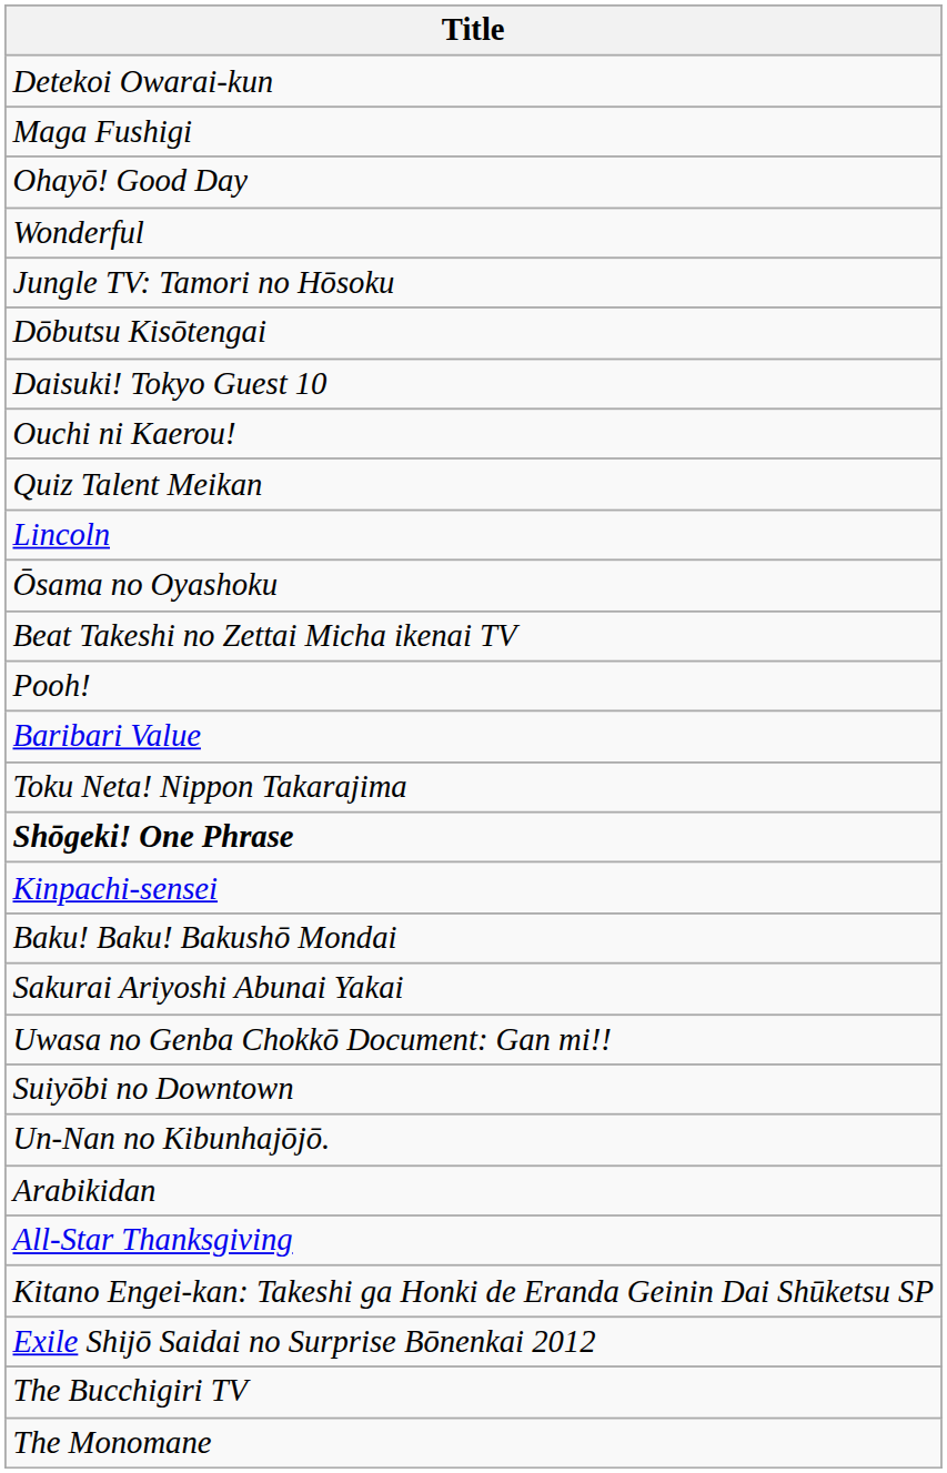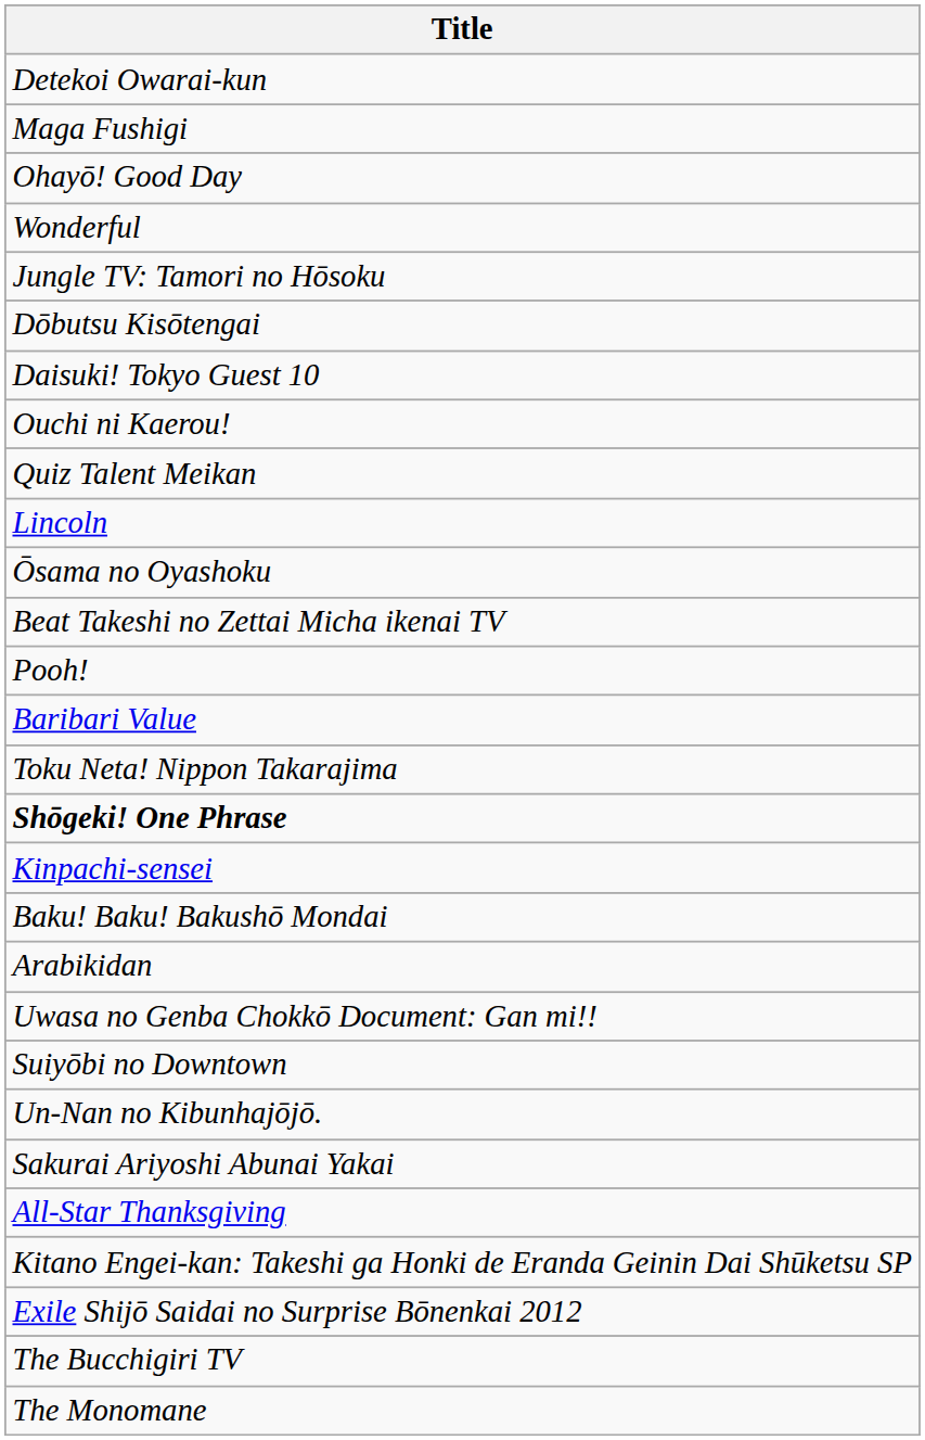 <table class="wikitable">
 <tr>
 <th>Title</th>
 </tr>
 <tr>
 <td><em>Detekoi Owarai-kun</em></td>
 </tr>
 <tr>
 <td><em>Maga Fushigi</em></td>
 </tr>
 <tr>
 <td><em>Ohayō! Good Day</em></td>
 </tr>
 <tr>
 <td><em>Wonderful</em></td>
 </tr>
 <tr>
 <td><em>Jungle TV: Tamori no Hōsoku</em></td>
 </tr>
 <tr>
 <td><em>Dōbutsu Kisōtengai</em></td>
 </tr>
 <tr>
 <td><em>Daisuki! Tokyo Guest 10</em></td>
 </tr>
 <tr>
 <td><em>Ouchi ni Kaerou!</em></td>
 </tr>
 <tr>
 <td><em>Quiz Talent Meikan</em></td>
 </tr>
 <tr>
 <td><em><a href='#'>Lincoln</a></em></td>
 </tr>
 <tr>
 <td><em>Ōsama no Oyashoku</em></td>
 </tr>
 <tr>
 <td><em>Beat Takeshi no Zettai Micha ikenai TV</em></td>
 </tr>
 <tr>
 <td><em>Pooh!</em></td>
 </tr>
 <tr>
 <td><em><a href='#'>Baribari Value</a></em></td>
 </tr>
 <tr>
 <td><em>Toku Neta! Nippon Takarajima</em></td>
 </tr>
 <tr>
 <td><strong><em>Shōgeki! One Phrase</em></strong></td>
 </tr>
 <tr>
 <td><em><a href='#'>Kinpachi-sensei</a></em></td>
 </tr>
 <tr>
 <td><em>Baku! Baku! Bakushō Mondai</em></td>
 </tr>
 <tr>
-<td><em>Sakurai Ariyoshi Abunai Yakai</em></td>
+<td><em>Arabikidan</em></td>
 </tr>
 <tr>
 <td><em>Uwasa no Genba Chokkō Document: Gan mi!!</em></td>
 </tr>
 <tr>
 <td><em>Suiyōbi no Downtown</em></td>
 </tr>
 <tr>
 <td><em>Un-Nan no Kibunhajōjō.</em></td>
 </tr>
 <tr>
-<td><em>Arabikidan</em></td>
+<td><em>Sakurai Ariyoshi Abunai Yakai</em></td>
 </tr>
 <tr>
 <td><em><a href='#'>All-Star Thanksgiving</a></em></td>
 </tr>
 <tr>
 <td><em>Kitano Engei-kan: Takeshi ga Honki de Eranda Geinin Dai Shūketsu SP</em></td>
 </tr>
 <tr>
 <td><em><a href='#'>Exile</a> Shijō Saidai no Surprise Bōnenkai 2012</em></td>
 </tr>
 <tr>
 <td><em>The Bucchigiri TV</em></td>
 </tr>
 <tr>
 <td><em>The Monomane</em></td>
 </tr>
 </table>
